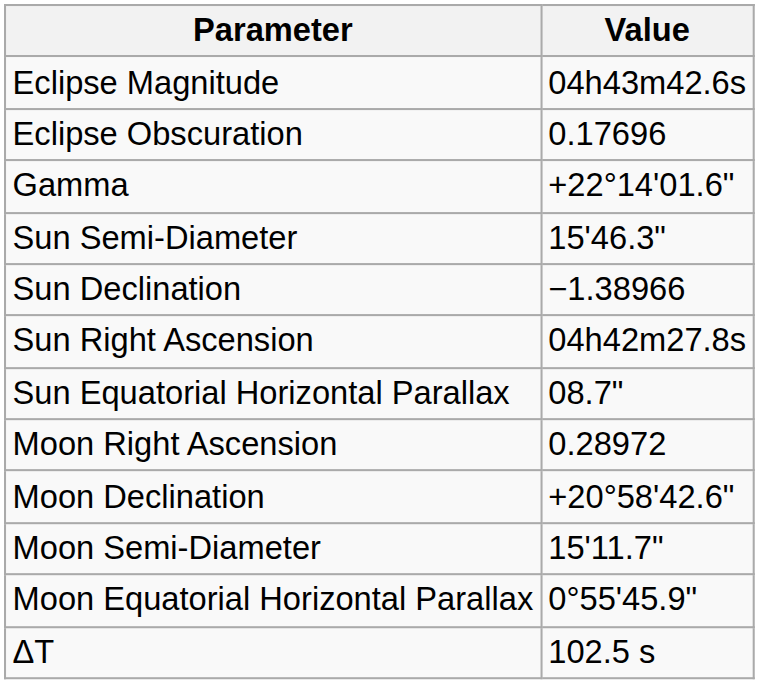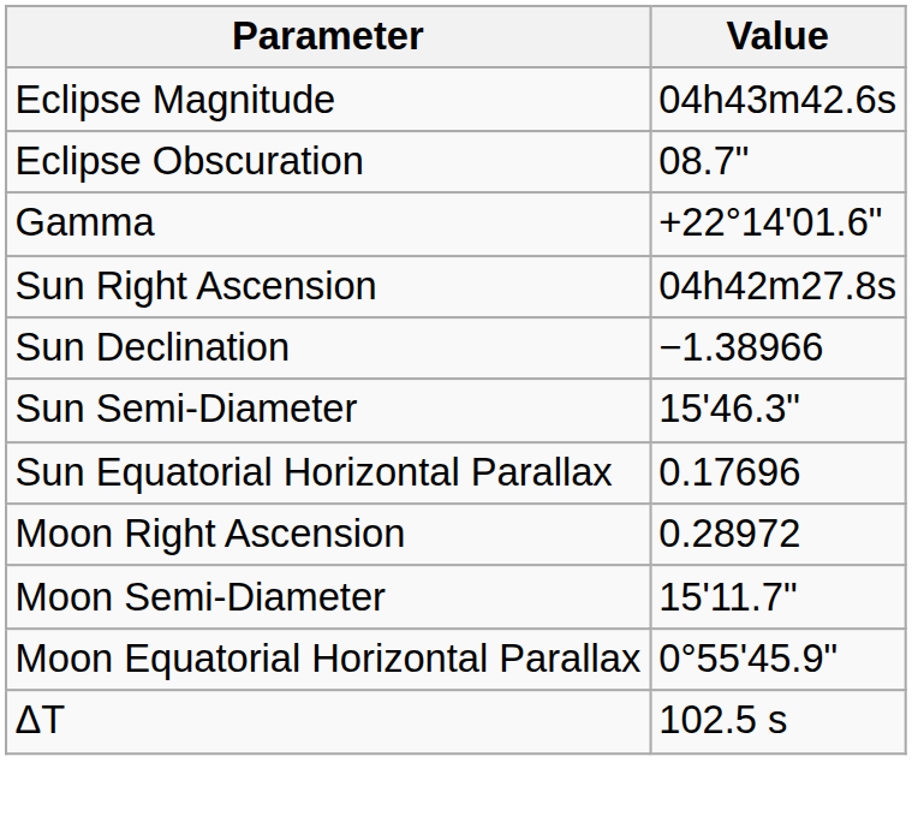 <table class="wikitable">
 <tr>
 <th>Parameter</th>
 <th>Value</th>
 </tr>
 <tr>
 <td>Eclipse Magnitude</td>
 <td>04h43m42.6s</td>
 </tr>
 <tr>
 <td>Eclipse Obscuration</td>
-<td>0.17696</td>
+<td>08.7"</td>
 </tr>
 <tr>
 <td>Gamma</td>
 <td>+22°14'01.6"</td>
 </tr>
 <tr>
-<td>Sun Semi-Diameter</td>
-<td>15'46.3"</td>
+<td>Sun Right Ascension</td>
+<td>04h42m27.8s</td>
 </tr>
 <tr>
 <td>Sun Declination</td>
 <td>−1.38966</td>
 </tr>
 <tr>
-<td>Sun Right Ascension</td>
-<td>04h42m27.8s</td>
+<td>Sun Semi-Diameter</td>
+<td>15'46.3"</td>
 </tr>
 <tr>
 <td>Sun Equatorial Horizontal Parallax</td>
-<td>08.7"</td>
+<td>0.17696</td>
 </tr>
 <tr>
 <td>Moon Right Ascension</td>
 <td>0.28972</td>
-</tr>
-<tr>
-<td>Moon Declination</td>
-<td>+20°58'42.6"</td>
 </tr>
 <tr>
 <td>Moon Semi-Diameter</td>
 <td>15'11.7"</td>
 </tr>
 <tr>
 <td>Moon Equatorial Horizontal Parallax</td>
 <td>0°55'45.9"</td>
 </tr>
 <tr>
 <td>ΔT</td>
 <td>102.5 s</td>
 </tr>
 </table>
